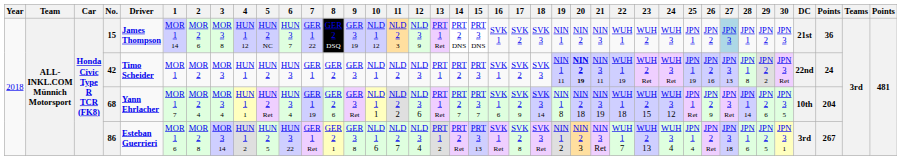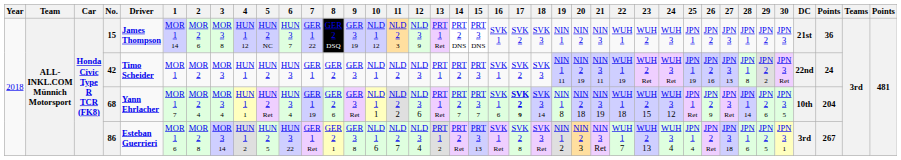 <table class="wikitable" style="text-align:center; font-size:85%">
 <tr>
 <th>Year</th>
 <th>Team</th>
 <th>Car</th>
 <th>No.</th>
 <th>Driver</th>
 <th>1</th>
 <th>2</th>
 <th>3</th>
 <th>4</th>
 <th>5</th>
 <th>6</th>
 <th>7</th>
 <th>8</th>
 <th>9</th>
 <th>10</th>
 <th>11</th>
 <th>12</th>
 <th>13</th>
 <th>14</th>
 <th>15</th>
 <th>16</th>
 <th>17</th>
 <th>18</th>
 <th>19</th>
 <th>20</th>
 <th>21</th>
 <th>22</th>
 <th>23</th>
 <th>24</th>
 <th>25</th>
 <th>26</th>
 <th>27</th>
 <th>28</th>
 <th>29</th>
 <th>30</th>
 <th>DC</th>
 <th>Points</th>
 <th>Teams</th>
 <th>Points</th>
 </tr>
 <tr>
 <td rowspan=4><a href='#'>2018</a></td>
 <th rowspan=4>ALL-INKL.COM Münnich Motorsport</th>
 <th rowspan=4><a href='#'>Honda Civic Type R TCR (FK8)</a></th>
 <th>15</th>
 <td align="left"><strong> <a href='#'>James Thompson</a></strong></td>
 <td style="background:#CFCFFF;"><a href='#'>MOR<br>1</a><br><small>14</small></td>
 <td style="background:#DFFFDF;"><a href='#'>MOR<br>2</a><br><small>6</small></td>
 <td style="background:#DFFFDF;"><a href='#'>MOR<br>3</a><br><small>8</small></td>
 <td style="background:#CFCFFF;"><a href='#'>HUN<br>1</a><br><small>12</small></td>
 <td style="background:#CFCFFF;"><a href='#'>HUN<br>2</a><br><small>NC</small></td>
 <td style="background:#DFFFDF;"><a href='#'>HUN<br>3</a><br><small>7</small></td>
 <td style="background:#CFCFFF;"><a href='#'>GER<br>1</a><br><small>22</small></td>
 <td style="background:#000000; color:#FFFFFF;"><a href='#'>GER<br>2</a><br><small>DSQ</small></td>
 <td style="background:#CFCFFF;"><a href='#'>GER<br>3</a><br><small>19</small></td>
 <td style="background:#CFCFFF;"><a href='#'>NLD<br>1</a><br><small>12</small></td>
 <td style="background:#FFDF9F;"><a href='#'>NLD<br>2</a><br><small>3</small></td>
 <td style="background:#DFFFDF;"><a href='#'>NLD<br>3</a><br><small>9</small></td>
 <td style="background:#EFCFFF;"><a href='#'>PRT<br>1</a><br><small>Ret</small></td>
 <td style="background:#FFFFFF;"><a href='#'>PRT<br>2</a><br><small>DNS</small></td>
 <td style="background:#FFFFFF;"><a href='#'>PRT<br>3</a><br><small>DNS</small></td>
 <td><a href='#'>SVK<br>1</a><br><small></small></td>
 <td><a href='#'>SVK<br>2</a><br><small></small></td>
 <td><a href='#'>SVK<br>3</a><br><small></small></td>
 <td><a href='#'>NIN<br>1</a><br><small></small></td>
 <td><a href='#'>NIN<br>2</a><br><small></small></td>
 <td><a href='#'>NIN<br>3</a><br><small></small></td>
 <td><a href='#'>WUH<br>1</a><br><small></small></td>
 <td><a href='#'>WUH<br>2</a><br><small></small></td>
 <td><a href='#'>WUH<br>3</a><br><small></small></td>
 <td><a href='#'>JPN<br>1</a><br><small></small></td>
 <td><a href='#'>JPN<br>2</a><br><small></small></td>
-<td style="background: lightblue;"><a href='#'>JPN<br>3</a><br><small></small></td>
+<td><a href='#'>JPN<br>3</a><br><small></small></td>
 <td><a href='#'>JPN<br>1</a><br><small></small></td>
 <td><a href='#'>JPN<br>2</a><br><small></small></td>
 <td><a href='#'>JPN<br>3</a><br><small></small></td>
 <th>21st</th>
 <th>36</th>
 <th rowspan="4">3rd</th>
 <th rowspan="4">481</th>
 </tr>
 <tr>
 <th>42</th>
 <td align="left"><strong> <a href='#'>Timo Scheider</a></strong></td>
 <td><a href='#'>MOR<br>1</a><br><small></small></td>
 <td><a href='#'>MOR<br>2</a><br><small></small></td>
 <td><a href='#'>MOR<br>3</a><br><small></small></td>
 <td><a href='#'>HUN<br>1</a><br><small></small></td>
 <td><a href='#'>HUN<br>2</a><br><small></small></td>
 <td><a href='#'>HUN<br>3</a><br><small></small></td>
 <td><a href='#'>GER<br>1</a><br><small></small></td>
 <td><a href='#'>GER<br>2</a><br><small></small></td>
 <td><a href='#'>GER<br>3</a><br><small></small></td>
 <td><a href='#'>NLD<br>1</a><br><small></small></td>
 <td><a href='#'>NLD<br>2</a><br><small></small></td>
 <td><a href='#'>NLD<br>3</a><br><small></small></td>
 <td><a href='#'>PRT<br>1</a><br><small></small></td>
 <td><a href='#'>PRT<br>2</a><br><small></small></td>
 <td><a href='#'>PRT<br>3</a><br><small></small></td>
 <td><a href='#'>SVK<br>1</a><br><small></small></td>
 <td><a href='#'>SVK<br>2</a><br><small></small></td>
 <td><a href='#'>SVK<br>3</a><br><small></small></td>
 <td style="background:#CFCFFF;"><a href='#'>NIN<br>1</a><br><small>11</small></td>
-<td style="background:#CFCFFF;"><strong><a href='#'>NIN<br>2</a><br><small>19</small></strong></td>
+<td style="background:#CFCFFF;"><a href='#'>NIN<br>2</a><br><small>19</small></td>
 <td style="background:#CFCFFF;"><a href='#'>NIN<br>3</a><br><small>11</small></td>
 <td style="background:#CFCFFF;"><a href='#'>WUH<br>1</a><br><small>19</small></td>
 <td style="background:#EFCFFF;"><a href='#'>WUH<br>2</a><br><small>Ret</small></td>
 <td style="background:#EFCFFF;"><a href='#'>WUH<br>3</a><br><small>Ret</small></td>
 <td style="background:#CFCFFF;"><a href='#'>JPN<br>1</a><br><small>19</small></td>
 <td style="background:#CFCFFF;"><a href='#'>JPN<br>2</a><br><small>16</small></td>
 <td style="background:#CFCFFF;"><a href='#'>JPN<br>3</a><br><small>13</small></td>
 <td style="background:#DFFFDF;"><a href='#'>JPN<br>1</a><br><small>8</small></td>
 <td style="background:#DFDFDF;"><a href='#'>JPN<br>2</a><br><small>2</small></td>
 <td style="background:#EFCFFF;"><a href='#'>JPN<br>3</a><br><small>Ret</small></td>
 <th>22nd</th>
 <th>24</th>
 </tr>
 <tr>
 <th>68</th>
 <td align="left"><strong> <a href='#'>Yann Ehrlacher</a></strong></td>
 <td style="background:#DFFFDF;"><a href='#'>MOR<br>1</a><br><small>7</small></td>
 <td style="background:#DFFFDF;"><a href='#'>MOR<br>2</a><br><small>4</small></td>
 <td style="background:#DFFFDF;"><a href='#'>MOR<br>3</a><br><small>4</small></td>
 <td style="background:#FFFFBF;"><a href='#'>HUN<br>1</a><br><small>1</small></td>
 <td style="background:#EFCFFF;"><a href='#'>HUN<br>2</a><br><small>Ret</small></td>
 <td style="background:#DFFFDF;"><a href='#'>HUN<br>3</a><br><small>4</small></td>
 <td style="background:#CFCFFF;"><a href='#'>GER<br>1</a><br><small>19</small></td>
 <td style="background:#DFFFDF;"><a href='#'>GER<br>2</a><br><small>6</small></td>
 <td style="background:#EFCFFF;"><a href='#'>GER<br>3</a><br><small>Ret</small></td>
 <td style="background:#FFFFBF;"><a href='#'>NLD<br>1</a><br>1<small></small></td>
 <td style="background:#DFDFDF;"><a href='#'>NLD<br>2</a><br>2<small></small></td>
 <td style="background:#DFFFDF;"><a href='#'>NLD<br>3</a><br>6<small></small></td>
 <td style="background:#EFCFFF;"><a href='#'>PRT<br>1</a><br><small>Ret</small></td>
 <td style="background:#DFFFDF;"><a href='#'>PRT<br>2</a><br><small>7</small></td>
 <td style="background:#DFFFDF;"><a href='#'>PRT<br>3</a><br><small>7</small></td>
 <td style="background:#DFFFDF;"><a href='#'>SVK<br>1</a><br><small>6</small></td>
-<td style="background:#DFFFDF;"><a href='#'>SVK<br>2</a><br><small>9</small></td>
+<td style="background:#DFFFDF;"><strong><a href='#'>SVK<br>2</a><br><small>9</small></strong></td>
 <td style="background:#CFCFFF;"><a href='#'>SVK<br>3</a><br><small>14</small></td>
 <td style="background:#DFFFDF;"><a href='#'>NIN<br>1</a><br>8<small></small></td>
 <td style="background:#CFCFFF;"><a href='#'>NIN<br>2</a><br>18<small></small></td>
 <td style="background:#CFCFFF;"><a href='#'>NIN<br>3</a><br>19<small></small></td>
 <td style="background:#CFCFFF;"><a href='#'>WUH<br>1</a><br>18<small></small></td>
 <td style="background:#CFCFFF;"><a href='#'>WUH<br>2</a><br>15<small></small></td>
 <td style="background:#CFCFFF;"><a href='#'>WUH<br>3</a><br>12<small></small></td>
 <td style="background:#EFCFFF;"><a href='#'>JPN<br>1</a><br><small>Ret</small></td>
 <td style="background:#DFFFDF;"><a href='#'>JPN<br>2</a><br><small>9</small></td>
 <td style="background:#EFCFFF;"><a href='#'>JPN<br>3</a><br><small>Ret</small></td>
 <td style="background:#CFCFFF;"><a href='#'>JPN<br>1</a><br><small>14</small></td>
 <td style="background:#DFFFDF;"><a href='#'>JPN<br>2</a><br><small>6</small></td>
 <td style="background:#DFFFDF;"><a href='#'>JPN<br>3</a><br><small>5</small></td>
 <th>10th</th>
 <th>204</th>
 </tr>
 <tr>
 <th>86</th>
 <td align="left"><strong> <a href='#'>Esteban Guerrieri</a></strong></td>
 <td style="background:#DFFFDF;"><a href='#'>MOR<br>1</a><br><small>6</small></td>
 <td style="background:#DFFFDF;"><a href='#'>MOR<br>2</a><br><small>8</small></td>
 <td style="background:#CFCFFF;"><a href='#'>MOR<br>3</a><br><small>14</small></td>
 <td style="background:#DFDFDF;"><a href='#'>HUN<br>1</a><br><small>2</small></td>
 <td style="background:#DFFFDF;"><a href='#'>HUN<br>2</a><br><small>5</small></td>
 <td style="background:#CFCFFF;"><a href='#'>HUN<br>3</a><br><small>22</small></td>
 <td style="background:#EFCFFF;"><a href='#'>GER<br>1</a><br><small>Ret</small></td>
 <td style="background:#FFFFBF;"><a href='#'>GER<br>2</a><br><small>1</small></td>
 <td style="background:#DFFFDF;"><a href='#'>GER<br>3</a><br><small>8</small></td>
 <td style="background:#DFFFDF;"><a href='#'>NLD<br>1</a><br>6<small></small></td>
 <td style="background:#DFFFDF;"><a href='#'>NLD<br>2</a><br>7<small></small></td>
 <td style="background:#DFFFDF;"><a href='#'>NLD<br>3</a><br>4<small></small></td>
 <td style="background:#DFDFDF;"><a href='#'>PRT<br>1</a><br><small>2</small></td>
 <td style="background:#EFCFFF;"><a href='#'>PRT<br>2</a><br><small>Ret</small></td>
 <td style="background:#CFCFFF;"><a href='#'>PRT<br>3</a><br><small>13</small></td>
 <td style="background:#EFCFFF;"><a href='#'>SVK<br>1</a><br><small>Ret</small></td>
 <td style="background:#DFFFDF;"><a href='#'>SVK<br>2</a><br><small>8</small></td>
 <td style="background:#EFCFFF;"><a href='#'>SVK<br>3</a><br><small>Ret</small></td>
 <td style="background:#DFDFDF;"><a href='#'>NIN<br>1</a><br>2<small></small></td>
 <td style="background:#FFDF9F;"><a href='#'>NIN<br>2</a><br>3<small></small></td>
 <td style="background:#EFCFFF;"><a href='#'>NIN<br>3</a><br>Ret<small></small></td>
 <td style="background:#DFFFDF;"><a href='#'>WUH<br>1</a><br>7<small></small></td>
 <td style="background:#CFCFFF;"><a href='#'>WUH<br>2</a><br>13<small></small></td>
 <td style="background:#DFFFDF;"><a href='#'>WUH<br>3</a><br>4<small></small></td>
 <td style="background:#DFFFDF;"><a href='#'>JPN<br>1</a><br><small>4</small></td>
 <td style="background:#EFCFFF;"><a href='#'>JPN<br>2</a><br><small>Ret</small></td>
 <td style="background:#CFCFFF;"><a href='#'>JPN<br>3</a><br><small>18</small></td>
 <td style="background:#DFFFDF;"><a href='#'>JPN<br>1</a><br><small>6</small></td>
 <td style="background:#DFFFDF;"><a href='#'>JPN<br>2</a><br><small>5</small></td>
 <td style="background:#FFFFBF;"><a href='#'>JPN<br>3</a><br><small>1</small></td>
 <th>3rd</th>
 <th>267</th>
 </tr>
 </table>
